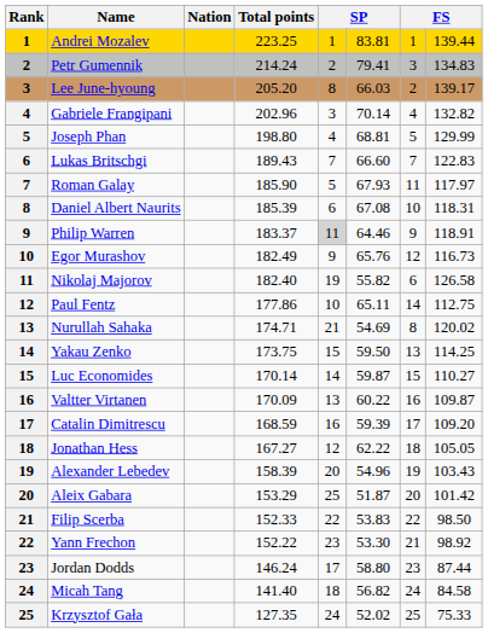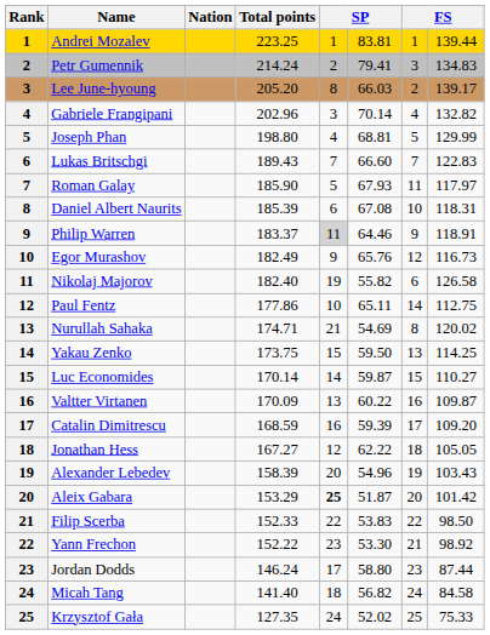 <table class="wikitable sortable">
 <tr>
 <th>Rank</th>
 <th>Name</th>
 <th>Nation</th>
 <th>Total points</th>
 <th colspan="2" width="80px"><a href='#'>SP</a></th>
 <th colspan="2" width="80px"><a href='#'>FS</a></th>
 </tr>
 <tr bgcolor="gold">
 <td align="center"><strong>1</strong></td>
 <td><a href='#'>Andrei Mozalev</a></td>
 <td></td>
 <td align="center">223.25</td>
 <td align="center">1</td>
 <td align="center">83.81</td>
 <td align="center">1</td>
 <td align="center">139.44</td>
 </tr>
 <tr bgcolor="silver">
 <td align="center"><strong>2</strong></td>
 <td><a href='#'>Petr Gumennik</a></td>
 <td></td>
 <td align="center">214.24</td>
 <td align="center">2</td>
 <td align="center">79.41</td>
 <td align="center">3</td>
 <td align="center">134.83</td>
 </tr>
 <tr bgcolor="cc9966">
 <td align="center"><strong>3</strong></td>
 <td><a href='#'>Lee June-hyoung</a></td>
 <td></td>
 <td align="center">205.20</td>
 <td align="center">8</td>
 <td align="center">66.03</td>
 <td align="center">2</td>
 <td align="center">139.17</td>
 </tr>
 <tr>
 <th>4</th>
 <td><a href='#'>Gabriele Frangipani</a></td>
 <td></td>
 <td align="center">202.96</td>
 <td align="center">3</td>
 <td align="center">70.14</td>
 <td align="center">4</td>
 <td align="center">132.82</td>
 </tr>
 <tr>
 <th>5</th>
 <td><a href='#'>Joseph Phan</a></td>
 <td></td>
 <td align="center">198.80</td>
 <td align="center">4</td>
 <td align="center">68.81</td>
 <td align="center">5</td>
 <td align="center">129.99</td>
 </tr>
 <tr>
 <th>6</th>
 <td><a href='#'>Lukas Britschgi</a></td>
 <td></td>
 <td align="center">189.43</td>
 <td align="center">7</td>
 <td align="center">66.60</td>
 <td align="center">7</td>
 <td align="center">122.83</td>
 </tr>
 <tr>
 <th>7</th>
 <td><a href='#'>Roman Galay</a></td>
 <td></td>
 <td align="center">185.90</td>
 <td align="center">5</td>
 <td align="center">67.93</td>
 <td align="center">11</td>
 <td align="center">117.97</td>
 </tr>
 <tr>
 <th>8</th>
 <td><a href='#'>Daniel Albert Naurits</a></td>
 <td></td>
 <td align="center">185.39</td>
 <td align="center">6</td>
 <td align="center">67.08</td>
 <td align="center">10</td>
 <td align="center">118.31</td>
 </tr>
 <tr>
 <th>9</th>
 <td><a href='#'>Philip Warren</a></td>
 <td></td>
 <td align="center">183.37</td>
 <td align="center" style="background: lightgrey;">11</td>
 <td align="center">64.46</td>
 <td align="center">9</td>
 <td align="center">118.91</td>
 </tr>
 <tr>
 <th>10</th>
 <td><a href='#'>Egor Murashov</a></td>
 <td></td>
 <td align="center">182.49</td>
 <td align="center">9</td>
 <td align="center">65.76</td>
 <td align="center">12</td>
 <td align="center">116.73</td>
 </tr>
 <tr>
 <th>11</th>
 <td><a href='#'>Nikolaj Majorov</a></td>
 <td></td>
 <td align="center">182.40</td>
 <td align="center">19</td>
 <td align="center">55.82</td>
 <td align="center">6</td>
 <td align="center">126.58</td>
 </tr>
 <tr>
 <th>12</th>
 <td><a href='#'>Paul Fentz</a></td>
 <td></td>
 <td align="center">177.86</td>
 <td align="center">10</td>
 <td align="center">65.11</td>
 <td align="center">14</td>
 <td align="center">112.75</td>
 </tr>
 <tr>
 <th>13</th>
 <td><a href='#'>Nurullah Sahaka</a></td>
 <td></td>
 <td align="center">174.71</td>
 <td align="center">21</td>
 <td align="center">54.69</td>
 <td align="center">8</td>
 <td align="center">120.02</td>
 </tr>
 <tr>
 <th>14</th>
 <td><a href='#'>Yakau Zenko</a></td>
 <td></td>
 <td align="center">173.75</td>
 <td align="center">15</td>
 <td align="center">59.50</td>
 <td align="center">13</td>
 <td align="center">114.25</td>
 </tr>
 <tr>
 <th>15</th>
 <td><a href='#'>Luc Economides</a></td>
 <td></td>
 <td align="center">170.14</td>
 <td align="center">14</td>
 <td align="center">59.87</td>
 <td align="center">15</td>
 <td align="center">110.27</td>
 </tr>
 <tr>
 <th>16</th>
 <td><a href='#'>Valtter Virtanen</a></td>
 <td></td>
 <td align="center">170.09</td>
 <td align="center">13</td>
 <td align="center">60.22</td>
 <td align="center">16</td>
 <td align="center">109.87</td>
 </tr>
 <tr>
 <th>17</th>
 <td><a href='#'>Catalin Dimitrescu</a></td>
 <td></td>
 <td align="center">168.59</td>
 <td align="center">16</td>
 <td align="center">59.39</td>
 <td align="center">17</td>
 <td align="center">109.20</td>
 </tr>
 <tr>
 <th>18</th>
 <td><a href='#'>Jonathan Hess</a></td>
 <td></td>
 <td align="center">167.27</td>
 <td align="center">12</td>
 <td align="center">62.22</td>
 <td align="center">18</td>
 <td align="center">105.05</td>
 </tr>
 <tr>
 <th>19</th>
 <td><a href='#'>Alexander Lebedev</a></td>
 <td></td>
 <td align="center">158.39</td>
 <td align="center">20</td>
 <td align="center">54.96</td>
 <td align="center">19</td>
 <td align="center">103.43</td>
 </tr>
 <tr>
 <th>20</th>
 <td><a href='#'>Aleix Gabara</a></td>
 <td></td>
 <td align="center">153.29</td>
-<td align="center">25</td>
+<td align="center"><strong>25</strong></td>
 <td align="center">51.87</td>
 <td align="center">20</td>
 <td align="center">101.42</td>
 </tr>
 <tr>
 <th>21</th>
 <td><a href='#'>Filip Scerba</a></td>
 <td></td>
 <td align="center">152.33</td>
 <td align="center">22</td>
 <td align="center">53.83</td>
 <td align="center">22</td>
 <td align="center">98.50</td>
 </tr>
 <tr>
 <th>22</th>
 <td><a href='#'>Yann Frechon</a></td>
 <td></td>
 <td align="center">152.22</td>
 <td align="center">23</td>
 <td align="center">53.30</td>
 <td align="center">21</td>
 <td align="center">98.92</td>
 </tr>
 <tr>
 <th>23</th>
 <td>Jordan Dodds</td>
 <td></td>
 <td align="center">146.24</td>
 <td align="center">17</td>
 <td align="center">58.80</td>
 <td align="center">23</td>
 <td align="center">87.44</td>
 </tr>
 <tr>
 <th>24</th>
 <td><a href='#'>Micah Tang</a></td>
 <td></td>
 <td align="center">141.40</td>
 <td align="center">18</td>
 <td align="center">56.82</td>
 <td align="center">24</td>
 <td align="center">84.58</td>
 </tr>
 <tr>
 <th>25</th>
 <td><a href='#'>Krzysztof Gała</a></td>
 <td></td>
 <td align="center">127.35</td>
 <td align="center">24</td>
 <td align="center">52.02</td>
 <td align="center">25</td>
 <td align="center">75.33</td>
 </tr>
 </table>
